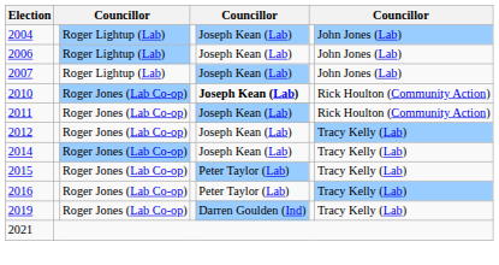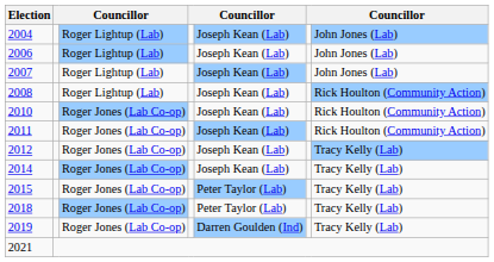 <table class="wikitable">
 <tr>
 <th>Election</th>
 <th colspan="2">Councillor</th>
 <th colspan="2">Councillor</th>
 <th colspan="2">Councillor</th>
 </tr>
 <tr>
 <td><a href='#'>2004</a></td>
 <td style="background-color: "></td>
 <td bgcolor="#99CCFF">Roger Lightup (<a href='#'>Lab</a>)</td>
 <td style="background-color: "></td>
 <td bgcolor="#99CCFF">Joseph Kean (<a href='#'>Lab</a>)</td>
 <td style="background-color: "></td>
 <td bgcolor="#99CCFF">John Jones (<a href='#'>Lab</a>)</td>
 </tr>
 <tr>
 <td><a href='#'>2006</a></td>
 <td style="background-color: "></td>
 <td bgcolor="#99CCFF">Roger Lightup (<a href='#'>Lab</a>)</td>
 <td style="background-color: "></td>
 <td>Joseph Kean (<a href='#'>Lab</a>)</td>
 <td style="background-color: "></td>
 <td>John Jones (<a href='#'>Lab</a>)</td>
 </tr>
 <tr>
 <td><a href='#'>2007</a></td>
 <td style="background-color: "></td>
 <td>Roger Lightup (<a href='#'>Lab</a>)</td>
 <td style="background-color: "></td>
 <td bgcolor="#99CCFF">Joseph Kean (<a href='#'>Lab</a>)</td>
 <td style="background-color: "></td>
 <td>John Jones (<a href='#'>Lab</a>)</td>
 </tr>
 <tr>
+<td><a href='#'>2008</a></td>
+<td style="background-color: "></td>
+<td>Roger Lightup (<a href='#'>Lab</a>)</td>
+<td style="background-color: "></td>
+<td>Joseph Kean (<a href='#'>Lab</a>)</td>
+<td style="background-color: "></td>
+<td bgcolor="#99CCFF">Rick Houlton (<a href='#'>Community Action</a>)</td>
+</tr>
+<tr>
 <td><a href='#'>2010</a></td>
 <td style="background-color: "></td>
 <td bgcolor="#99CCFF">Roger Jones (<a href='#'>Lab Co-op</a>)</td>
 <td style="background-color: "></td>
-<td><strong>Joseph Kean (<a href='#'>Lab</a>)</strong></td>
+<td>Joseph Kean (<a href='#'>Lab</a>)</td>
 <td style="background-color: "></td>
 <td>Rick Houlton (<a href='#'>Community Action</a>)</td>
 </tr>
 <tr>
 <td><a href='#'>2011</a></td>
 <td style="background-color: "></td>
 <td>Roger Jones (<a href='#'>Lab Co-op</a>)</td>
 <td style="background-color: "></td>
 <td bgcolor="#99CCFF">Joseph Kean (<a href='#'>Lab</a>)</td>
 <td style="background-color: "></td>
 <td>Rick Houlton (<a href='#'>Community Action</a>)</td>
 </tr>
 <tr>
 <td><a href='#'>2012</a></td>
 <td style="background-color: "></td>
 <td>Roger Jones (<a href='#'>Lab Co-op</a>)</td>
 <td style="background-color: "></td>
 <td>Joseph Kean (<a href='#'>Lab</a>)</td>
 <td style="background-color: "></td>
 <td bgcolor="#99CCFF">Tracy Kelly (<a href='#'>Lab</a>)</td>
 </tr>
 <tr>
 <td><a href='#'>2014</a></td>
 <td style="background-color: "></td>
 <td bgcolor="#99CCFF">Roger Jones (<a href='#'>Lab Co-op</a>)</td>
 <td style="background-color: "></td>
 <td>Joseph Kean (<a href='#'>Lab</a>)</td>
 <td style="background-color: "></td>
 <td>Tracy Kelly (<a href='#'>Lab</a>)</td>
 </tr>
 <tr>
 <td><a href='#'>2015</a></td>
 <td style="background-color: "></td>
 <td>Roger Jones (<a href='#'>Lab Co-op</a>)</td>
 <td style="background-color: "></td>
 <td bgcolor="#99CCFF">Peter Taylor (<a href='#'>Lab</a>)</td>
 <td style="background-color: "></td>
 <td>Tracy Kelly (<a href='#'>Lab</a>)</td>
 </tr>
 <tr>
-<td><a href='#'>2016</a></td>
+<td><a href='#'>2018</a></td>
 <td style="background-color: "></td>
-<td>Roger Jones (<a href='#'>Lab Co-op</a>)</td>
+<td bgcolor="#99CCFF">Roger Jones (<a href='#'>Lab Co-op</a>)</td>
 <td style="background-color: "></td>
 <td>Peter Taylor (<a href='#'>Lab</a>)</td>
 <td style="background-color: "></td>
-<td bgcolor="#99CCFF">Tracy Kelly (<a href='#'>Lab</a>)</td>
+<td>Tracy Kelly (<a href='#'>Lab</a>)</td>
 </tr>
 <tr>
 <td><a href='#'>2019</a></td>
 <td style="background-color: "></td>
 <td>Roger Jones (<a href='#'>Lab Co-op</a>)</td>
 <td style="background-color: "></td>
 <td bgcolor="#99CCFF">Darren Goulden (<a href='#'>Ind</a>)</td>
 <td style="background-color: "></td>
 <td>Tracy Kelly (<a href='#'>Lab</a>)</td>
 </tr>
 <tr>
 <td>2021</td>
 <td colspan=6></td>
 </tr>
 </table>
